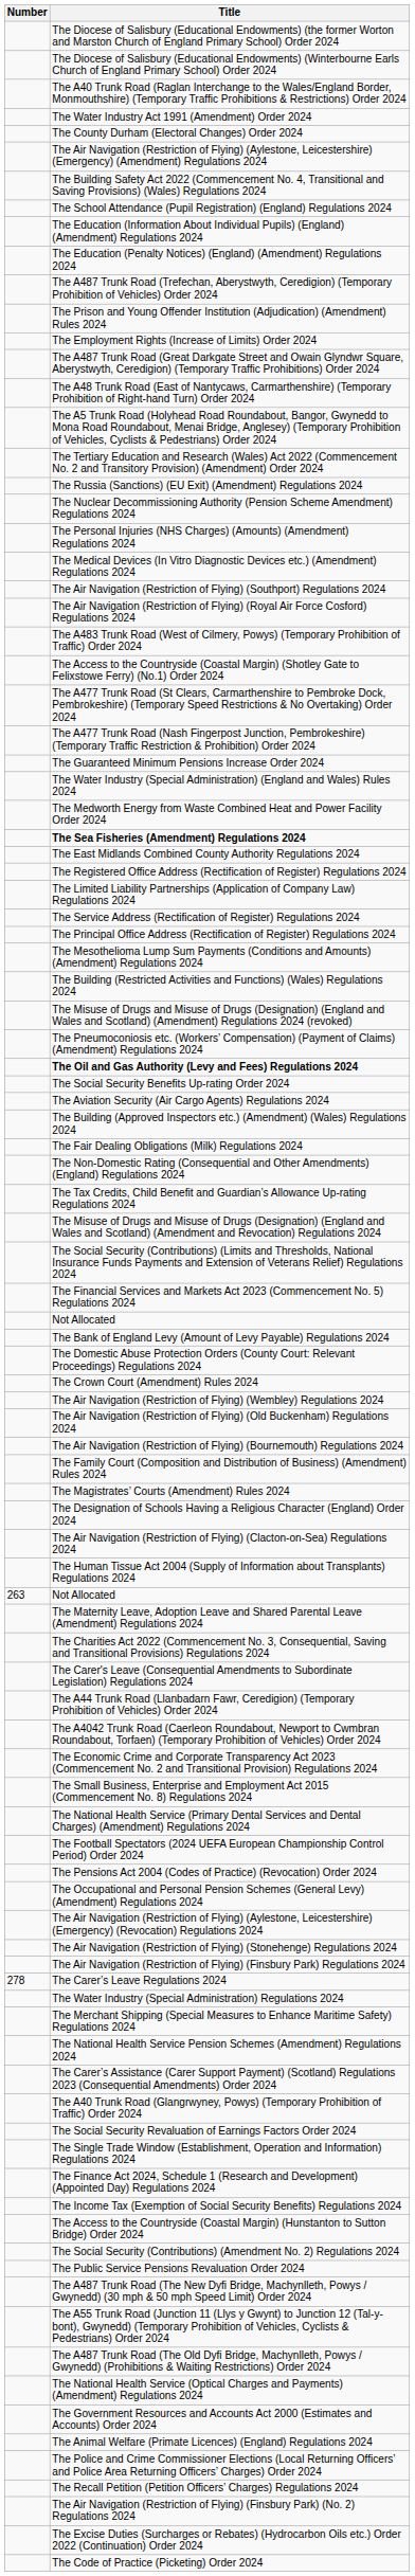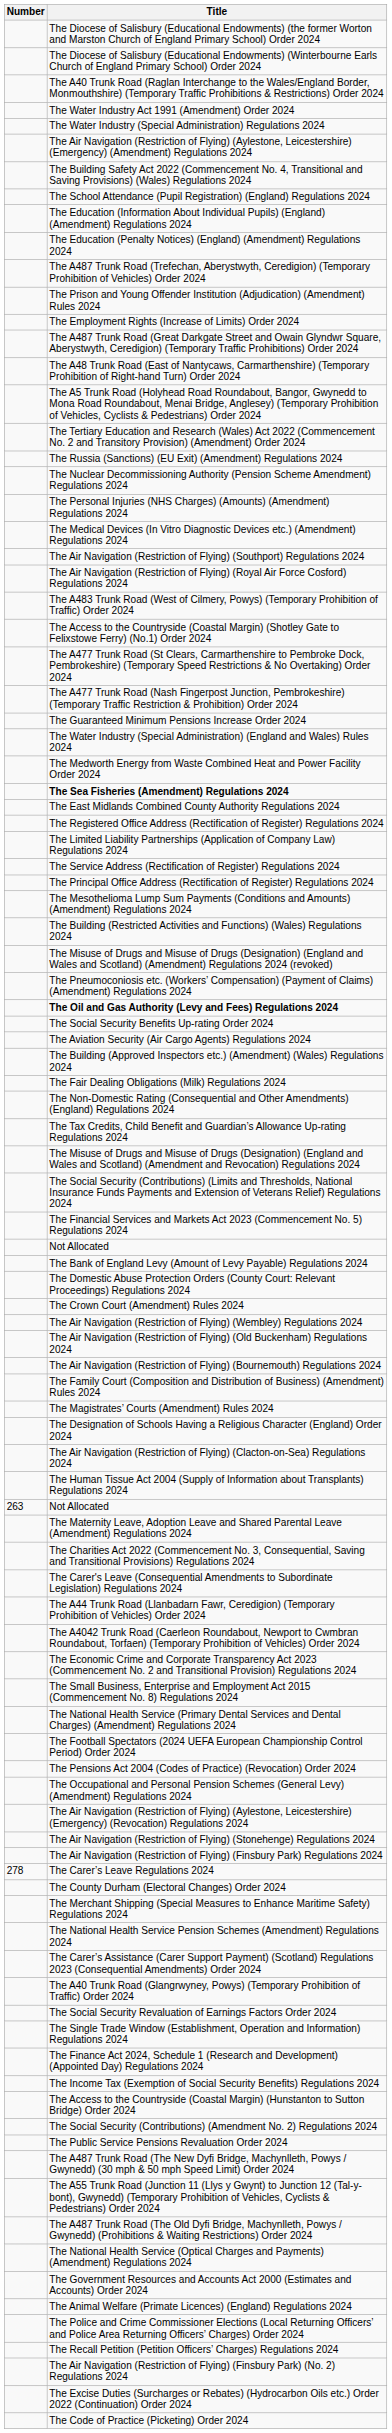 <table class="wikitable collapsible">
 <tr>
 <th>Number</th>
 <th>Title</th>
 </tr>
 <tr>
 <td></td>
 <td>The Diocese of Salisbury (Educational Endowments) (the former Worton and Marston Church of England Primary School) Order 2024</td>
 </tr>
 <tr>
 <td></td>
 <td>The Diocese of Salisbury (Educational Endowments) (Winterbourne Earls Church of England Primary School) Order 2024</td>
 </tr>
 <tr>
 <td></td>
 <td>The A40 Trunk Road (Raglan Interchange to the Wales/England Border, Monmouthshire) (Temporary Traffic Prohibitions & Restrictions) Order 2024</td>
 </tr>
 <tr>
 <td></td>
 <td>The Water Industry Act 1991 (Amendment) Order 2024</td>
 </tr>
 <tr>
 <td></td>
-<td>The County Durham (Electoral Changes) Order 2024</td>
+<td>The Water Industry (Special Administration) Regulations 2024</td>
 </tr>
 <tr>
 <td></td>
 <td>The Air Navigation (Restriction of Flying) (Aylestone, Leicestershire) (Emergency) (Amendment) Regulations 2024</td>
 </tr>
 <tr>
 <td></td>
 <td>The Building Safety Act 2022 (Commencement No. 4, Transitional and Saving Provisions) (Wales) Regulations 2024</td>
 </tr>
 <tr>
 <td></td>
 <td>The School Attendance (Pupil Registration) (England) Regulations 2024</td>
 </tr>
 <tr>
 <td></td>
 <td>The Education (Information About Individual Pupils) (England) (Amendment) Regulations 2024</td>
 </tr>
 <tr>
 <td></td>
 <td>The Education (Penalty Notices) (England) (Amendment) Regulations 2024</td>
 </tr>
 <tr>
 <td></td>
 <td>The A487 Trunk Road (Trefechan, Aberystwyth, Ceredigion) (Temporary Prohibition of Vehicles) Order 2024</td>
 </tr>
 <tr>
 <td></td>
 <td>The Prison and Young Offender Institution (Adjudication) (Amendment) Rules 2024</td>
 </tr>
 <tr>
 <td></td>
 <td>The Employment Rights (Increase of Limits) Order 2024</td>
 </tr>
 <tr>
 <td></td>
 <td>The A487 Trunk Road (Great Darkgate Street and Owain Glyndwr Square, Aberystwyth, Ceredigion) (Temporary Traffic Prohibitions) Order 2024</td>
 </tr>
 <tr>
 <td></td>
 <td>The A48 Trunk Road (East of Nantycaws, Carmarthenshire) (Temporary Prohibition of Right-hand Turn) Order 2024</td>
 </tr>
 <tr>
 <td></td>
 <td>The A5 Trunk Road (Holyhead Road Roundabout, Bangor, Gwynedd to Mona Road Roundabout, Menai Bridge, Anglesey) (Temporary Prohibition of Vehicles, Cyclists & Pedestrians) Order 2024</td>
 </tr>
 <tr>
 <td></td>
 <td>The Tertiary Education and Research (Wales) Act 2022 (Commencement No. 2 and Transitory Provision) (Amendment) Order 2024</td>
 </tr>
 <tr>
 <td></td>
 <td>The Russia (Sanctions) (EU Exit) (Amendment) Regulations 2024</td>
 </tr>
 <tr>
 <td></td>
 <td>The Nuclear Decommissioning Authority (Pension Scheme Amendment) Regulations 2024</td>
 </tr>
 <tr>
 <td></td>
 <td>The Personal Injuries (NHS Charges) (Amounts) (Amendment) Regulations 2024</td>
 </tr>
 <tr>
 <td></td>
 <td>The Medical Devices (In Vitro Diagnostic Devices etc.) (Amendment) Regulations 2024</td>
 </tr>
 <tr>
 <td></td>
 <td>The Air Navigation (Restriction of Flying) (Southport) Regulations 2024</td>
 </tr>
 <tr>
 <td></td>
 <td>The Air Navigation (Restriction of Flying) (Royal Air Force Cosford) Regulations 2024</td>
 </tr>
 <tr>
 <td></td>
 <td>The A483 Trunk Road (West of Cilmery, Powys) (Temporary Prohibition of Traffic) Order 2024</td>
 </tr>
 <tr>
 <td></td>
 <td>The Access to the Countryside (Coastal Margin) (Shotley Gate to Felixstowe Ferry) (No.1) Order 2024</td>
 </tr>
 <tr>
 <td></td>
 <td>The A477 Trunk Road (St Clears, Carmarthenshire to Pembroke Dock, Pembrokeshire) (Temporary Speed Restrictions & No Overtaking) Order 2024</td>
 </tr>
 <tr>
 <td></td>
 <td>The A477 Trunk Road (Nash Fingerpost Junction, Pembrokeshire) (Temporary Traffic Restriction & Prohibition) Order 2024</td>
 </tr>
 <tr>
 <td></td>
 <td>The Guaranteed Minimum Pensions Increase Order 2024</td>
 </tr>
 <tr>
 <td></td>
 <td>The Water Industry (Special Administration) (England and Wales) Rules 2024</td>
 </tr>
 <tr>
 <td></td>
 <td>The Medworth Energy from Waste Combined Heat and Power Facility Order 2024</td>
 </tr>
 <tr>
 <td></td>
 <td><strong>The Sea Fisheries (Amendment) Regulations 2024</strong></td>
 </tr>
 <tr>
 <td></td>
 <td>The East Midlands Combined County Authority Regulations 2024</td>
 </tr>
 <tr>
 <td></td>
 <td>The Registered Office Address (Rectification of Register) Regulations 2024</td>
 </tr>
 <tr>
 <td></td>
 <td>The Limited Liability Partnerships (Application of Company Law) Regulations 2024</td>
 </tr>
 <tr>
 <td></td>
 <td>The Service Address (Rectification of Register) Regulations 2024</td>
 </tr>
 <tr>
 <td></td>
 <td>The Principal Office Address (Rectification of Register) Regulations 2024</td>
 </tr>
 <tr>
 <td></td>
 <td>The Mesothelioma Lump Sum Payments (Conditions and Amounts) (Amendment) Regulations 2024</td>
 </tr>
 <tr>
 <td></td>
 <td>The Building (Restricted Activities and Functions) (Wales) Regulations 2024</td>
 </tr>
 <tr>
 <td></td>
 <td>The Misuse of Drugs and Misuse of Drugs (Designation) (England and Wales and Scotland) (Amendment) Regulations 2024 (revoked)</td>
 </tr>
 <tr>
 <td></td>
 <td>The Pneumoconiosis etc. (Workers’ Compensation) (Payment of Claims) (Amendment) Regulations 2024</td>
 </tr>
 <tr>
 <td></td>
 <td><strong>The Oil and Gas Authority (Levy and Fees) Regulations 2024</strong></td>
 </tr>
 <tr>
 <td></td>
 <td>The Social Security Benefits Up-rating Order 2024</td>
 </tr>
 <tr>
 <td></td>
 <td>The Aviation Security (Air Cargo Agents) Regulations 2024</td>
 </tr>
 <tr>
 <td></td>
 <td>The Building (Approved Inspectors etc.) (Amendment) (Wales) Regulations 2024</td>
 </tr>
 <tr>
 <td></td>
 <td>The Fair Dealing Obligations (Milk) Regulations 2024</td>
 </tr>
 <tr>
 <td></td>
 <td>The Non-Domestic Rating (Consequential and Other Amendments) (England) Regulations 2024</td>
 </tr>
 <tr>
 <td></td>
 <td>The Tax Credits, Child Benefit and Guardian’s Allowance Up-rating Regulations 2024</td>
 </tr>
 <tr>
 <td></td>
 <td>The Misuse of Drugs and Misuse of Drugs (Designation) (England and Wales and Scotland) (Amendment and Revocation) Regulations 2024</td>
 </tr>
 <tr>
 <td></td>
 <td>The Social Security (Contributions) (Limits and Thresholds, National Insurance Funds Payments and Extension of Veterans Relief) Regulations 2024</td>
 </tr>
 <tr>
 <td></td>
 <td>The Financial Services and Markets Act 2023 (Commencement No. 5) Regulations 2024</td>
 </tr>
 <tr>
 <td></td>
 <td>Not Allocated</td>
 </tr>
 <tr>
 <td></td>
 <td>The Bank of England Levy (Amount of Levy Payable) Regulations 2024</td>
 </tr>
 <tr>
 <td></td>
 <td>The Domestic Abuse Protection Orders (County Court: Relevant Proceedings) Regulations 2024</td>
 </tr>
 <tr>
 <td></td>
 <td>The Crown Court (Amendment) Rules 2024</td>
 </tr>
 <tr>
 <td></td>
 <td>The Air Navigation (Restriction of Flying) (Wembley) Regulations 2024</td>
 </tr>
 <tr>
 <td></td>
 <td>The Air Navigation (Restriction of Flying) (Old Buckenham) Regulations 2024</td>
 </tr>
 <tr>
 <td></td>
 <td>The Air Navigation (Restriction of Flying) (Bournemouth) Regulations 2024</td>
 </tr>
 <tr>
 <td></td>
 <td>The Family Court (Composition and Distribution of Business) (Amendment) Rules 2024</td>
 </tr>
 <tr>
 <td></td>
 <td>The Magistrates’ Courts (Amendment) Rules 2024</td>
 </tr>
 <tr>
 <td></td>
 <td>The Designation of Schools Having a Religious Character (England) Order 2024</td>
 </tr>
 <tr>
 <td></td>
 <td>The Air Navigation (Restriction of Flying) (Clacton-on-Sea) Regulations 2024</td>
 </tr>
 <tr>
 <td></td>
 <td>The Human Tissue Act 2004 (Supply of Information about Transplants) Regulations 2024</td>
 </tr>
 <tr>
 <td>263</td>
 <td>Not Allocated</td>
 </tr>
 <tr>
 <td></td>
 <td>The Maternity Leave, Adoption Leave and Shared Parental Leave (Amendment) Regulations 2024</td>
 </tr>
 <tr>
 <td></td>
 <td>The Charities Act 2022 (Commencement No. 3, Consequential, Saving and Transitional Provisions) Regulations 2024</td>
 </tr>
 <tr>
 <td></td>
 <td>The Carer's Leave (Consequential Amendments to Subordinate Legislation) Regulations 2024</td>
 </tr>
 <tr>
 <td></td>
 <td>The A44 Trunk Road (Llanbadarn Fawr, Ceredigion) (Temporary Prohibition of Vehicles) Order 2024</td>
 </tr>
 <tr>
 <td></td>
 <td>The A4042 Trunk Road (Caerleon Roundabout, Newport to Cwmbran Roundabout, Torfaen) (Temporary Prohibition of Vehicles) Order 2024</td>
 </tr>
 <tr>
 <td></td>
 <td>The Economic Crime and Corporate Transparency Act 2023 (Commencement No. 2 and Transitional Provision) Regulations 2024</td>
 </tr>
 <tr>
 <td></td>
 <td>The Small Business, Enterprise and Employment Act 2015 (Commencement No. 8) Regulations 2024</td>
 </tr>
 <tr>
 <td></td>
 <td>The National Health Service (Primary Dental Services and Dental Charges) (Amendment) Regulations 2024</td>
 </tr>
 <tr>
 <td></td>
 <td>The Football Spectators (2024 UEFA European Championship Control Period) Order 2024</td>
 </tr>
 <tr>
 <td></td>
 <td>The Pensions Act 2004 (Codes of Practice) (Revocation) Order 2024</td>
 </tr>
 <tr>
 <td></td>
 <td>The Occupational and Personal Pension Schemes (General Levy) (Amendment) Regulations 2024</td>
 </tr>
 <tr>
 <td></td>
 <td>The Air Navigation (Restriction of Flying) (Aylestone, Leicestershire) (Emergency) (Revocation) Regulations 2024</td>
 </tr>
 <tr>
 <td></td>
 <td>The Air Navigation (Restriction of Flying) (Stonehenge) Regulations 2024</td>
 </tr>
 <tr>
 <td></td>
 <td>The Air Navigation (Restriction of Flying) (Finsbury Park) Regulations 2024</td>
 </tr>
 <tr>
 <td>278</td>
 <td>The Carer’s Leave Regulations 2024</td>
 </tr>
 <tr>
 <td></td>
-<td>The Water Industry (Special Administration) Regulations 2024</td>
+<td>The County Durham (Electoral Changes) Order 2024</td>
 </tr>
 <tr>
 <td></td>
 <td>The Merchant Shipping (Special Measures to Enhance Maritime Safety) Regulations 2024</td>
 </tr>
 <tr>
 <td></td>
 <td>The National Health Service Pension Schemes (Amendment) Regulations 2024</td>
 </tr>
 <tr>
 <td></td>
 <td>The Carer’s Assistance (Carer Support Payment) (Scotland) Regulations 2023 (Consequential Amendments) Order 2024</td>
 </tr>
 <tr>
 <td></td>
 <td>The A40 Trunk Road (Glangrwyney, Powys) (Temporary Prohibition of Traffic) Order 2024</td>
 </tr>
 <tr>
 <td></td>
 <td>The Social Security Revaluation of Earnings Factors Order 2024</td>
 </tr>
 <tr>
 <td></td>
 <td>The Single Trade Window (Establishment, Operation and Information) Regulations 2024</td>
 </tr>
 <tr>
 <td></td>
 <td>The Finance Act 2024, Schedule 1 (Research and Development) (Appointed Day) Regulations 2024</td>
 </tr>
 <tr>
 <td></td>
 <td>The Income Tax (Exemption of Social Security Benefits) Regulations 2024</td>
 </tr>
 <tr>
 <td></td>
 <td>The Access to the Countryside (Coastal Margin) (Hunstanton to Sutton Bridge) Order 2024</td>
 </tr>
 <tr>
 <td></td>
 <td>The Social Security (Contributions) (Amendment No. 2) Regulations 2024</td>
 </tr>
 <tr>
 <td></td>
 <td>The Public Service Pensions Revaluation Order 2024</td>
 </tr>
 <tr>
 <td></td>
 <td>The A487 Trunk Road (The New Dyfi Bridge, Machynlleth, Powys / Gwynedd) (30 mph & 50 mph Speed Limit) Order 2024</td>
 </tr>
 <tr>
 <td></td>
 <td>The A55 Trunk Road (Junction 11 (Llys y Gwynt) to Junction 12 (Tal-y-bont), Gwynedd) (Temporary Prohibition of Vehicles, Cyclists & Pedestrians) Order 2024</td>
 </tr>
 <tr>
 <td></td>
 <td>The A487 Trunk Road (The Old Dyfi Bridge, Machynlleth, Powys / Gwynedd) (Prohibitions & Waiting Restrictions) Order 2024</td>
 </tr>
 <tr>
 <td></td>
 <td>The National Health Service (Optical Charges and Payments) (Amendment) Regulations 2024</td>
 </tr>
 <tr>
 <td></td>
 <td>The Government Resources and Accounts Act 2000 (Estimates and Accounts) Order 2024</td>
 </tr>
 <tr>
 <td></td>
 <td>The Animal Welfare (Primate Licences) (England) Regulations 2024</td>
 </tr>
 <tr>
 <td></td>
 <td>The Police and Crime Commissioner Elections (Local Returning Officers’ and Police Area Returning Officers’ Charges) Order 2024</td>
 </tr>
 <tr>
 <td></td>
 <td>The Recall Petition (Petition Officers’ Charges) Regulations 2024</td>
 </tr>
 <tr>
 <td></td>
 <td>The Air Navigation (Restriction of Flying) (Finsbury Park) (No. 2) Regulations 2024</td>
 </tr>
 <tr>
 <td></td>
 <td>The Excise Duties (Surcharges or Rebates) (Hydrocarbon Oils etc.) Order 2022 (Continuation) Order 2024</td>
 </tr>
 <tr>
 <td></td>
 <td>The Code of Practice (Picketing) Order 2024</td>
 </tr>
 </table>
